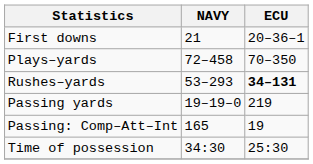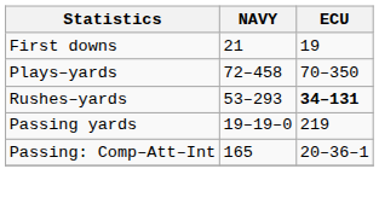 <table class="wikitable" style="float: left;">
 <tr>
 <th>Statistics</th>
 <th>NAVY</th>
 <th>ECU</th>
 </tr>
 <tr>
 <td>First downs</td>
 <td>21</td>
-<td>20–36–1</td>
+<td>19</td>
 </tr>
 <tr>
 <td>Plays–yards</td>
 <td>72–458</td>
 <td>70–350</td>
 </tr>
 <tr>
 <td>Rushes–yards</td>
 <td>53–293</td>
 <td><strong>34–131</strong></td>
 </tr>
 <tr>
 <td>Passing yards</td>
 <td>19–19–0</td>
 <td>219</td>
 </tr>
 <tr>
 <td>Passing: Comp–Att–Int</td>
 <td>165</td>
-<td>19</td>
-</tr>
-<tr>
-<td>Time of possession</td>
-<td>34:30</td>
-<td>25:30</td>
+<td>20–36–1</td>
 </tr>
 <tr>
 </tr>
 </table>
